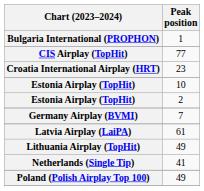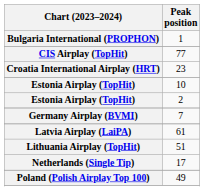 <table class="wikitable sortable plainrowheaders" style="text-align:center">
 <tr>
 <th scope="col">Chart (2023–2024)</th>
 <th scope="col">Peak<br>position</th>
 </tr>
 <tr>
 <th scope="row">Bulgaria International (<a href='#'>PROPHON</a>)</th>
 <td>1</td>
 </tr>
 <tr>
 </tr>
 <tr>
 <th scope="row"><a href='#'>CIS</a> Airplay (<a href='#'>TopHit</a>)<br></th>
 <td>77</td>
 </tr>
 <tr>
 <th scope="row">Croatia International Airplay (<a href='#'>HRT</a>)</th>
 <td>23</td>
 </tr>
 <tr>
 </tr>
 <tr>
 </tr>
 <tr>
 <th scope="row">Estonia Airplay (<a href='#'>TopHit</a>)</th>
 <td>10</td>
 </tr>
 <tr>
 <th scope="row">Estonia Airplay (<a href='#'>TopHit</a>)<br></th>
 <td>2</td>
 </tr>
 <tr>
 </tr>
 <tr>
 <th scope="row">Germany Airplay (<a href='#'>BVMI</a>)</th>
 <td>7</td>
 </tr>
 <tr>
 </tr>
 <tr>
 </tr>
 <tr>
 </tr>
 <tr>
 <th scope="row">Latvia Airplay (<a href='#'>LaiPA</a>)</th>
 <td>61</td>
 </tr>
 <tr>
 <th scope="row">Lithuania Airplay (<a href='#'>TopHit</a>)<br></th>
-<td>49</td>
+<td>51</td>
 </tr>
 <tr>
 <th scope="row">Netherlands (<a href='#'>Single Tip</a>)</th>
-<td>41</td>
+<td>17</td>
 </tr>
 <tr>
 </tr>
 <tr>
 <th scope="row">Poland (<a href='#'>Polish Airplay Top 100</a>)</th>
 <td>49</td>
 </tr>
 <tr>
 </tr>
 <tr>
 </tr>
 <tr>
 </tr>
 <tr>
 </tr>
 <tr>
 </tr>
 </table>
